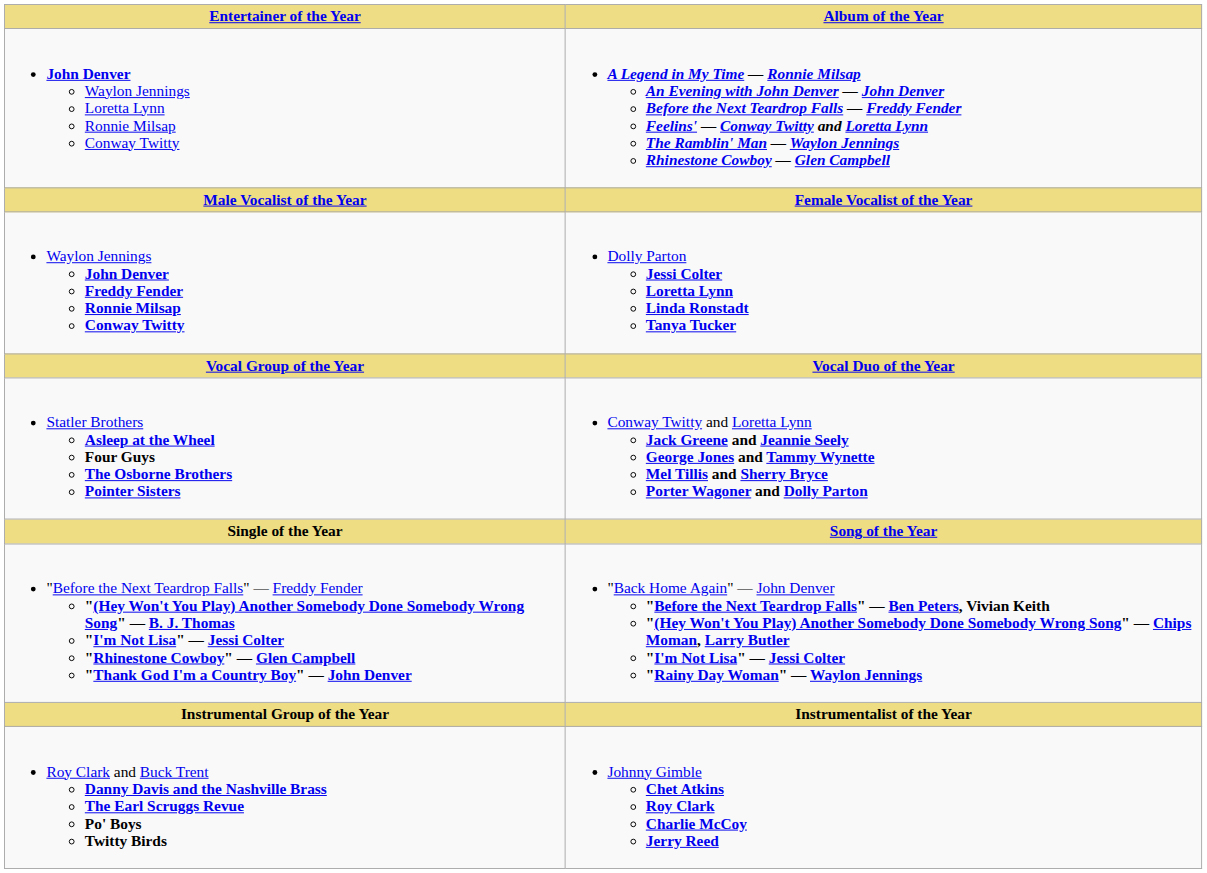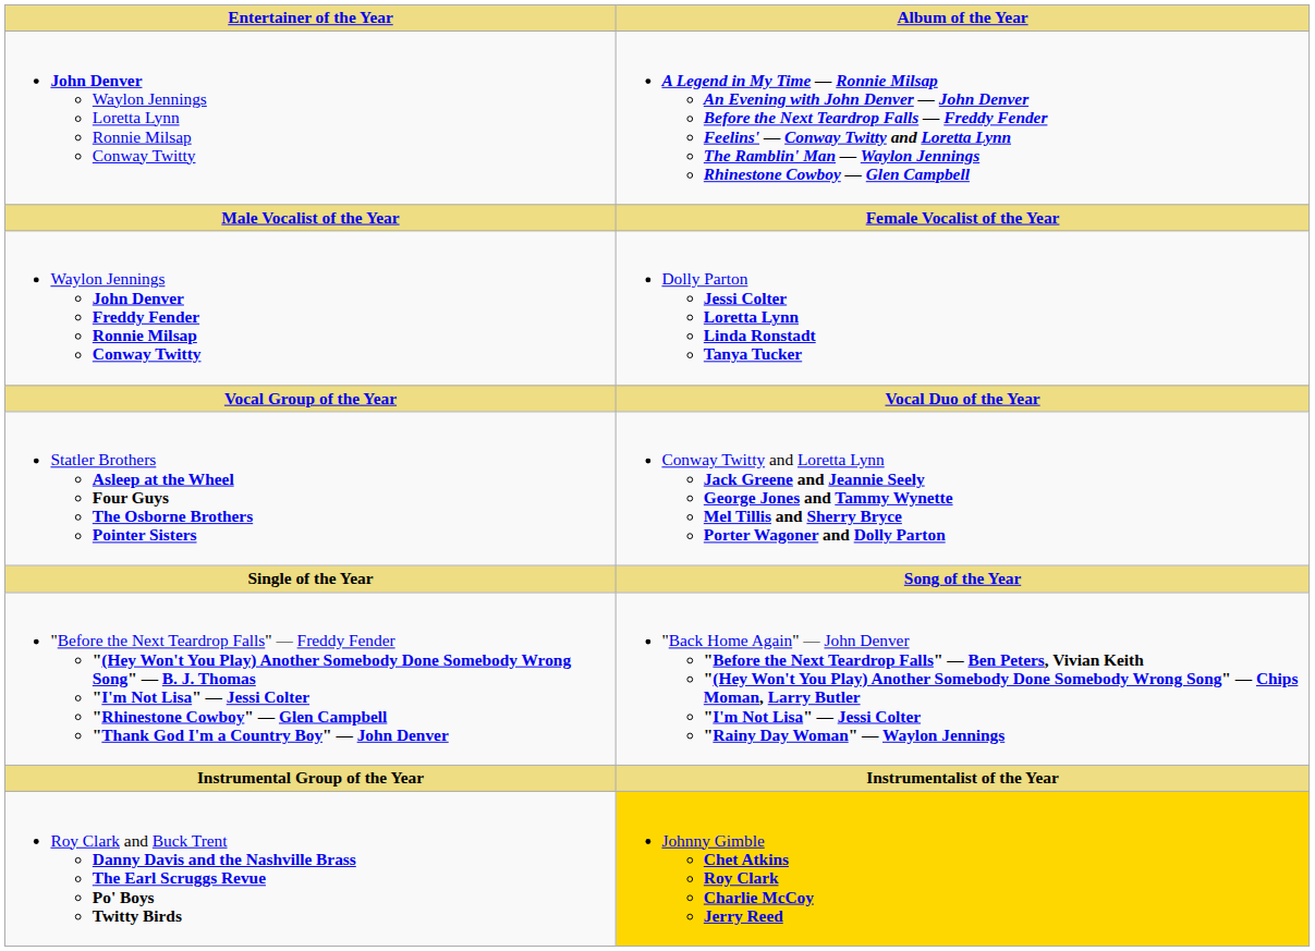 <table class="wikitable">
 <tr>
 <th style="background:#EEDD85; width=50%"><a href='#'>Entertainer of the Year</a></th>
 <th style="background:#EEDD85; width=50%"><a href='#'>Album of the Year</a></th>
 </tr>
 <tr>
 <td valign="top"><br><ul><li><strong><a href='#'>John Denver</a></strong><ul><li><a href='#'>Waylon Jennings</a></li><li><a href='#'>Loretta Lynn</a></li><li><a href='#'>Ronnie Milsap</a></li><li><a href='#'>Conway Twitty</a></li></ul></li></ul></td>
 <td valign="top"><br><ul><li><strong><em><a href='#'>A Legend in My Time</a><em> — <a href='#'>Ronnie Milsap</a><strong><ul><li></em><a href='#'>An Evening with John Denver</a><em> — <a href='#'>John Denver</a></li><li></em><a href='#'>Before the Next Teardrop Falls</a><em> — <a href='#'>Freddy Fender</a>          </li><li></em><a href='#'>Feelins'</a><em> — <a href='#'>Conway Twitty</a> and <a href='#'>Loretta Lynn</a></li><li></em><a href='#'>The Ramblin' Man</a><em> — <a href='#'>Waylon Jennings</a></li><li></em><a href='#'>Rhinestone Cowboy</a><em> — <a href='#'>Glen Campbell</a></li></ul></li></ul></td>
 </tr>
 <tr>
 <th style="background:#EEDD82; width=50%"><a href='#'>Male Vocalist of the Year</a></th>
 <th style="background:#EEDD82; width=50%"><a href='#'>Female Vocalist of the Year</a></th>
 </tr>
 <tr>
 <td valign="top"><br><ul><li></strong><a href='#'>Waylon Jennings</a><strong><ul><li><a href='#'>John Denver</a></li><li><a href='#'>Freddy Fender</a></li><li><a href='#'>Ronnie Milsap</a></li><li><a href='#'>Conway Twitty</a></li></ul></li></ul></td>
 <td valign="top"><br><ul><li></strong><a href='#'>Dolly Parton</a><strong><ul><li><a href='#'>Jessi Colter</a></li><li><a href='#'>Loretta Lynn</a></li><li><a href='#'>Linda Ronstadt</a></li><li><a href='#'>Tanya Tucker</a></li></ul></li></ul></td>
 </tr>
 <tr>
 <th style="background:#EEDD82; width=50%"><a href='#'>Vocal Group of the Year</a></th>
 <th style="background:#EEDD82; width=50%"><a href='#'>Vocal Duo of the Year</a></th>
 </tr>
 <tr>
 <td valign="top"><br><ul><li></strong><a href='#'>Statler Brothers</a><strong><ul><li><a href='#'>Asleep at the Wheel</a></li><li>Four Guys</li><li><a href='#'>The Osborne Brothers</a></li><li><a href='#'>Pointer Sisters</a></li></ul></li></ul></td>
 <td valign="top"><br><ul><li></strong><a href='#'>Conway Twitty</a> and <a href='#'>Loretta Lynn</a><strong><ul><li><a href='#'>Jack Greene</a> and <a href='#'>Jeannie Seely</a></li><li><a href='#'>George Jones</a> and <a href='#'>Tammy Wynette</a></li><li><a href='#'>Mel Tillis</a> and <a href='#'>Sherry Bryce</a></li><li><a href='#'>Porter Wagoner</a> and <a href='#'>Dolly Parton</a></li></ul></li></ul></td>
 </tr>
 <tr>
 <th style="background:#EEDD82; width=50%">Single of the Year</th>
 <th style="background:#EEDD82; width=50%"><a href='#'>Song of the Year</a></th>
 </tr>
 <tr>
 <td valign="top"><br><ul><li></strong>"<a href='#'>Before the Next Teardrop Falls</a>" — <a href='#'>Freddy Fender</a><strong><ul><li>"<a href='#'>(Hey Won't You Play) Another Somebody Done Somebody Wrong Song</a>" — <a href='#'>B. J. Thomas</a></li><li>"<a href='#'>I'm Not Lisa</a>" — <a href='#'>Jessi Colter</a></li><li>"<a href='#'>Rhinestone Cowboy</a>" — <a href='#'>Glen Campbell</a></li><li>"<a href='#'>Thank God I'm a Country Boy</a>" — <a href='#'>John Denver</a></li></ul></li></ul></td>
 <td valign="top"><br><ul><li></strong>"<a href='#'>Back Home Again</a>" — <a href='#'>John Denver</a><strong><ul><li>"<a href='#'>Before the Next Teardrop Falls</a>" — <a href='#'>Ben Peters</a>, Vivian Keith</li><li>"<a href='#'>(Hey Won't You Play) Another Somebody Done Somebody Wrong Song</a>" — <a href='#'>Chips Moman</a>, <a href='#'>Larry Butler</a></li><li>"<a href='#'>I'm Not Lisa</a>" — <a href='#'>Jessi Colter</a></li><li>"<a href='#'>Rainy Day Woman</a>" — <a href='#'>Waylon Jennings</a></li></ul></li></ul></td>
 </tr>
 <tr>
 <th style="background:#EEDD82; width=50%">Instrumental Group of the Year</th>
 <th style="background:#EEDD82; width=50%">Instrumentalist of the Year</th>
 </tr>
 <tr>
 <td valign="top"><br><ul><li></strong><a href='#'>Roy Clark</a> and <a href='#'>Buck Trent</a><strong><ul><li><a href='#'>Danny Davis and the Nashville Brass</a></li><li><a href='#'>The Earl Scruggs Revue</a></li><li>Po' Boys</li><li>Twitty Birds</li></ul></li></ul></td>
-<td valign="top"><br><ul><li></strong><a href='#'>Johnny Gimble</a><strong><ul><li><a href='#'>Chet Atkins</a></li><li><a href='#'>Roy Clark</a></li><li><a href='#'>Charlie McCoy</a></li><li><a href='#'>Jerry Reed</a></li></ul></li></ul></td>
+<td valign="top" style="background: gold;"><br><ul><li></strong><a href='#'>Johnny Gimble</a><strong><ul><li><a href='#'>Chet Atkins</a></li><li><a href='#'>Roy Clark</a></li><li><a href='#'>Charlie McCoy</a></li><li><a href='#'>Jerry Reed</a></li></ul></li></ul></td>
 </tr>
 </table>
